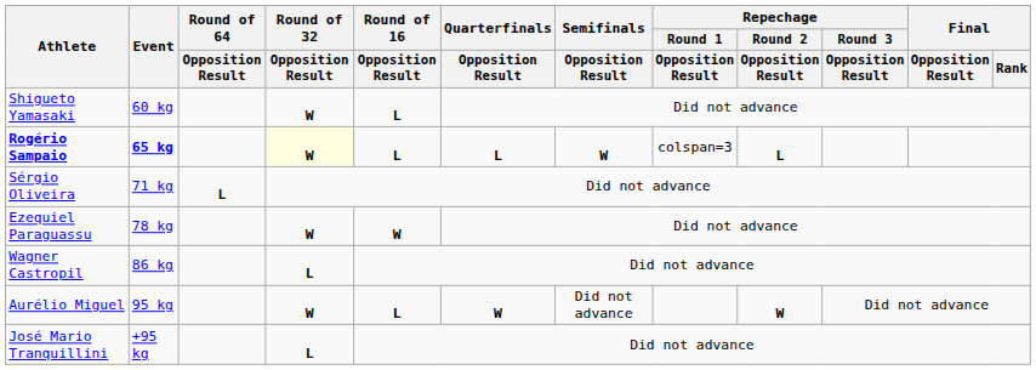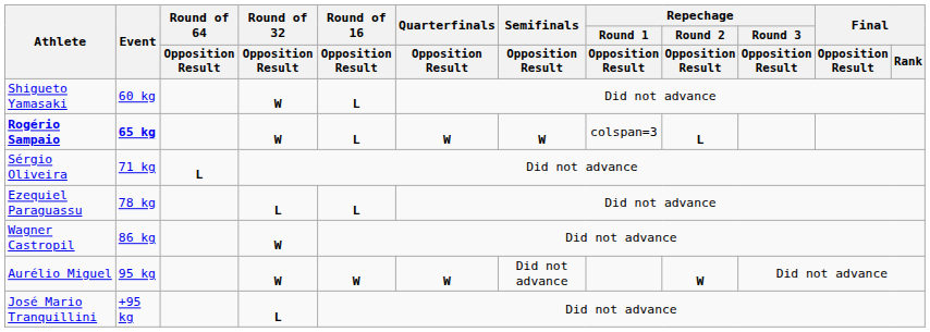 <table class="wikitable" style="font-size:90%">
 <tr>
 <th rowspan="3">Athlete</th>
 <th rowspan="3">Event</th>
 <th rowspan="2">Round of 64</th>
 <th rowspan="2">Round of 32</th>
 <th rowspan="2">Round of 16</th>
 <th rowspan="2">Quarterfinals</th>
 <th rowspan="2">Semifinals</th>
 <th colspan=3>Repechage</th>
 <th rowspan="2" colspan=2>Final</th>
 </tr>
 <tr style="font-size:95%">
 <th>Round 1</th>
 <th>Round 2</th>
 <th>Round 3</th>
 </tr>
 <tr style="font-size:95%">
 <th>Opposition<br>Result</th>
 <th>Opposition<br>Result</th>
 <th>Opposition<br>Result</th>
 <th>Opposition<br>Result</th>
 <th>Opposition<br>Result</th>
 <th>Opposition<br>Result</th>
 <th>Opposition<br>Result</th>
 <th>Opposition<br>Result</th>
 <th>Opposition<br>Result</th>
 <th>Rank</th>
 </tr>
 <tr align=center>
 <td align=left><a href='#'>Shigueto Yamasaki</a></td>
 <td align=left><a href='#'>60 kg</a></td>
 <td></td>
 <td><br><strong>W</strong></td>
 <td><br><strong>L</strong></td>
 <td colspan=7>Did not advance</td>
 </tr>
 <tr align=center>
 <td align=left><strong><a href='#'>Rogério Sampaio</a></strong></td>
 <td align=left><strong><a href='#'>65 kg</a></strong></td>
 <td></td>
-<td style="background: lightyellow;"><br><strong>W</strong></td>
+<td><br><strong>W</strong></td>
 <td><br><strong>L</strong></td>
-<td><br><strong>L</strong></td>
+<td><br><strong>W</strong></td>
 <td><br><strong>W</strong></td>
 <td>colspan=3</td>
 <td><br><strong>L</strong></td>
 <td></td>
 </tr>
 <tr align=center>
 <td align=left><a href='#'>Sérgio Oliveira</a></td>
 <td align=left><a href='#'>71 kg</a></td>
 <td><br><strong>L</strong></td>
 <td colspan=9>Did not advance</td>
 </tr>
 <tr align=center>
 <td align=left><a href='#'>Ezequiel Paraguassu</a></td>
 <td align=left><a href='#'>78 kg</a></td>
 <td></td>
-<td><br><strong>W</strong></td>
-<td><br><strong>W</strong></td>
+<td><br><strong>L</strong></td>
+<td><br><strong>L</strong></td>
 <td colspan=7>Did not advance</td>
 </tr>
 <tr align=center>
 <td align=left><a href='#'>Wagner Castropil</a></td>
 <td align=left><a href='#'>86 kg</a></td>
 <td></td>
-<td><br><strong>L</strong></td>
+<td><br><strong>W</strong></td>
 <td colspan=8>Did not advance</td>
 </tr>
 <tr align=center>
 <td align=left><a href='#'>Aurélio Miguel</a></td>
 <td align=left><a href='#'>95 kg</a></td>
 <td></td>
 <td><br><strong>W</strong></td>
-<td><br><strong>L</strong></td>
+<td><br><strong>W</strong></td>
 <td><br><strong>W</strong></td>
 <td>Did not advance</td>
 <td></td>
 <td><br><strong>W</strong></td>
 <td colspan=3>Did not advance</td>
 </tr>
 <tr align=center>
 <td align=left><a href='#'>José Mario Tranquillini</a></td>
 <td align=left><a href='#'>+95 kg</a></td>
 <td></td>
 <td><br><strong>L</strong></td>
 <td colspan=8>Did not advance</td>
 </tr>
 </table>
